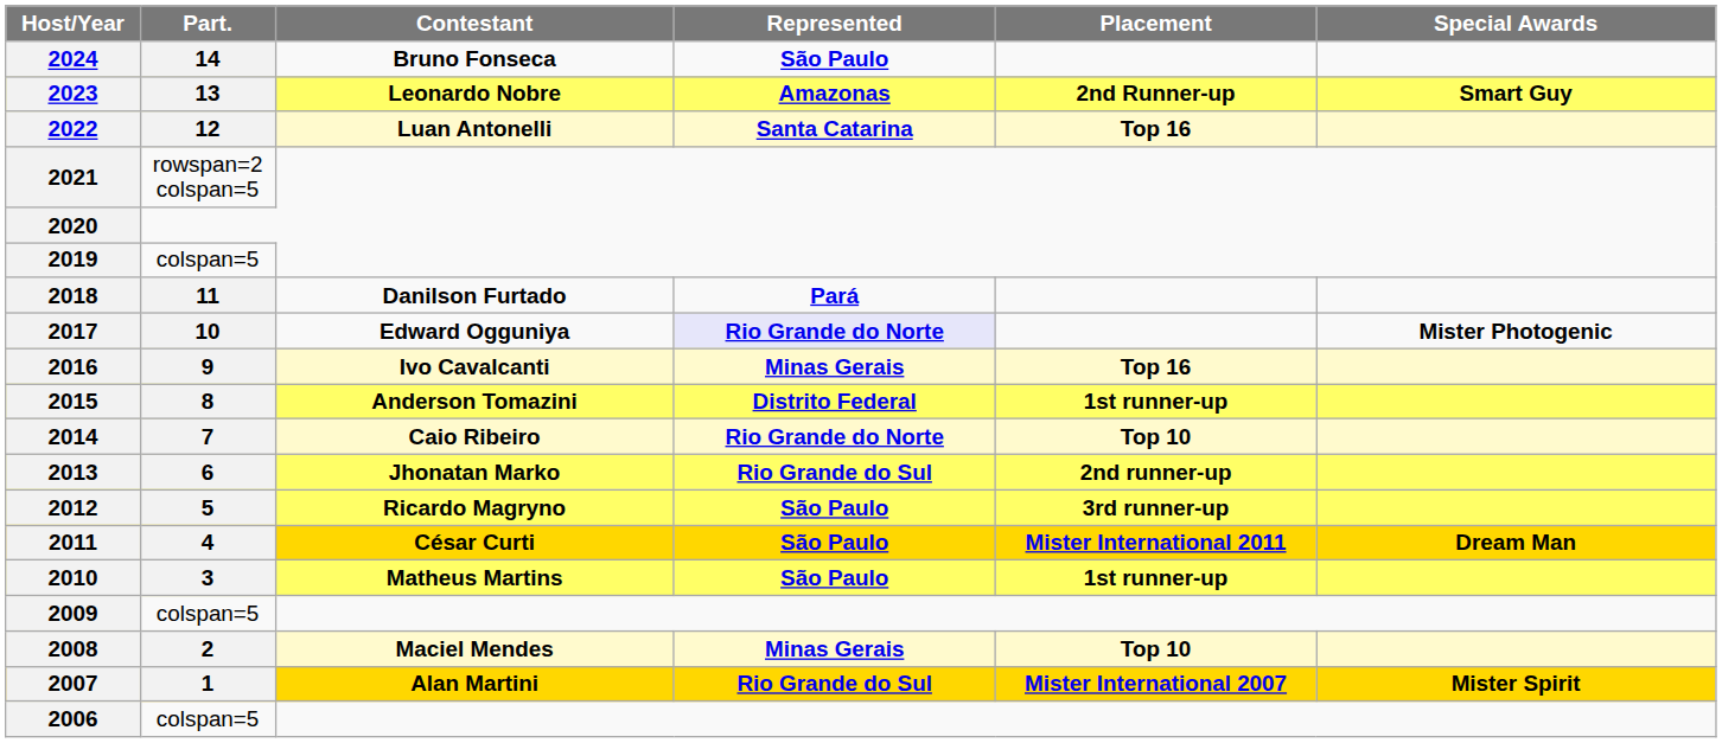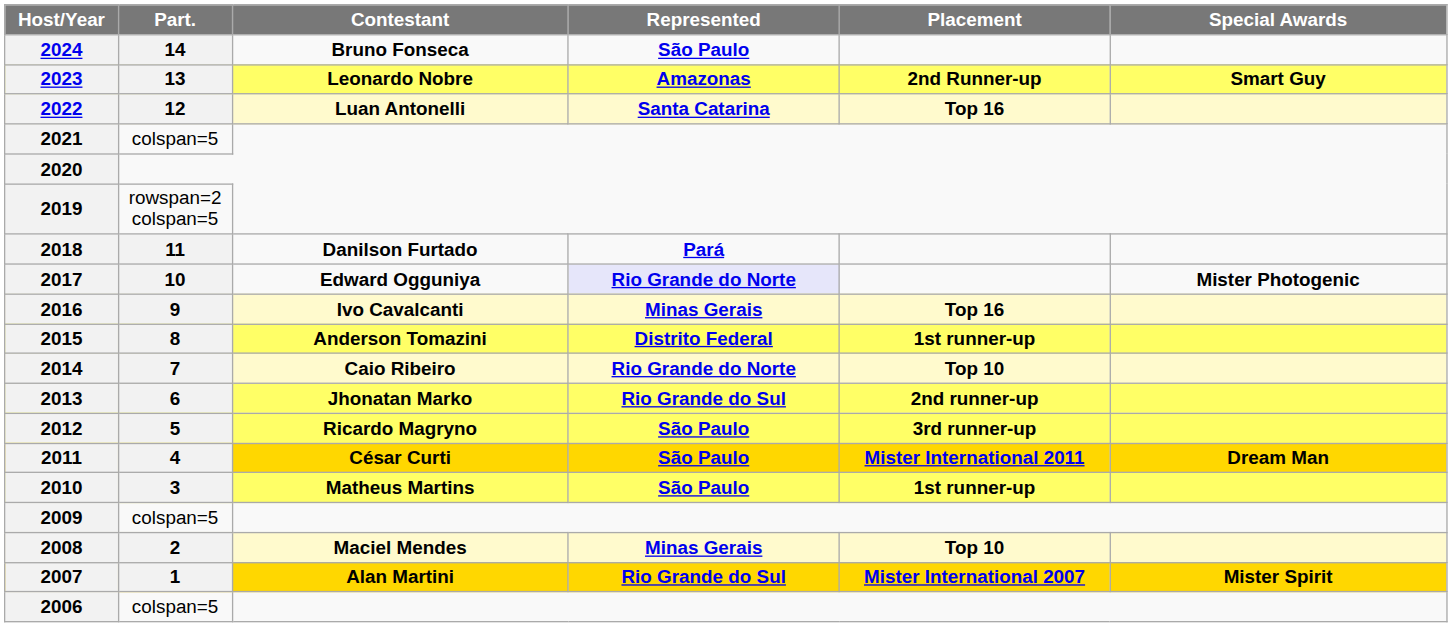 <table class="wikitable sortable" style="font-size: 90%; text-align:center">
 <tr>
 <th width="80" style="background-color:#787878;color:#FFFFFF;">Host/Year</th>
 <th width="80" style="background-color:#787878;color:#FFFFFF;">Part.</th>
 <th width="250" style="background-color:#787878;color:#FFFFFF;">Contestant</th>
 <th width="200" style="background-color:#787878;color:#FFFFFF;">Represented</th>
 <th width="200" style="background-color:#787878;color:#FFFFFF;">Placement</th>
 <th width="250" style="background-color:#787878;color:#FFFFFF;">Special Awards</th>
 </tr>
 <tr>
 <th><a href='#'>2024</a></th>
 <th>14</th>
 <td><strong>Bruno Fonseca</strong></td>
 <td><strong><a href='#'>São Paulo</a></strong></td>
 <td></td>
 <td></td>
 </tr>
 <tr bgcolor="FFFF66">
 <th><a href='#'>2023</a></th>
 <th>13</th>
 <td><strong>Leonardo Nobre</strong></td>
 <td><strong><a href='#'>Amazonas</a></strong></td>
 <td><strong>2nd Runner-up</strong></td>
 <td><strong>Smart Guy</strong></td>
 </tr>
 <tr bgcolor=FFFACD>
 <th><a href='#'>2022</a></th>
 <th>12</th>
 <td><strong>Luan Antonelli</strong></td>
 <td><strong><a href='#'>Santa Catarina</a></strong></td>
 <td><strong>Top 16</strong></td>
 <td></td>
 </tr>
 <tr>
 <th>2021</th>
-<td>rowspan=2 colspan=5 </td>
+<td>colspan=5 </td>
 </tr>
 <tr>
 <th>2020</th>
 </tr>
 <tr>
 <th>2019</th>
-<td>colspan=5 </td>
+<td>rowspan=2 colspan=5 </td>
 </tr>
 <tr>
 <th>2018</th>
 <th>11</th>
 <td><strong>Danilson Furtado</strong></td>
 <td><strong><a href='#'>Pará</a></strong></td>
 <td></td>
 <td></td>
 </tr>
 <tr>
 <th>2017</th>
 <th>10</th>
 <td><strong>Edward Ogguniya</strong></td>
 <td style="background: lavender;"><strong><a href='#'>Rio Grande do Norte</a></strong></td>
 <td></td>
 <td><strong>Mister Photogenic</strong></td>
 </tr>
 <tr bgcolor="FFFACD">
 <th>2016</th>
 <th>9</th>
 <td><strong>Ivo Cavalcanti</strong></td>
 <td><strong><a href='#'>Minas Gerais</a></strong></td>
 <td><strong>Top 16</strong></td>
 <td></td>
 </tr>
 <tr bgcolor="FFFF66">
 <th>2015</th>
 <th>8</th>
 <td><strong>Anderson Tomazini</strong></td>
 <td><strong><a href='#'>Distrito Federal</a></strong></td>
 <td><strong>1st runner-up</strong></td>
 <td></td>
 </tr>
 <tr bgcolor="FFFACD">
 <th>2014</th>
 <th>7</th>
 <td><strong>Caio Ribeiro</strong></td>
 <td><strong><a href='#'>Rio Grande do Norte</a></strong></td>
 <td><strong>Top 10</strong></td>
 <td></td>
 </tr>
 <tr bgcolor="FFFF66">
 <th>2013</th>
 <th>6</th>
 <td><strong>Jhonatan Marko</strong></td>
 <td><strong><a href='#'>Rio Grande do Sul</a></strong></td>
 <td><strong>2nd runner-up</strong></td>
 <td></td>
 </tr>
 <tr bgcolor="FFFF66">
 <th>2012</th>
 <th>5</th>
 <td><strong>Ricardo Magryno</strong></td>
 <td><strong><a href='#'>São Paulo</a></strong></td>
 <td><strong>3rd runner-up</strong></td>
 <td></td>
 </tr>
 <tr bgcolor="gold">
 <th>2011</th>
 <th>4</th>
 <td><strong>César Curti</strong></td>
 <td><strong><a href='#'>São Paulo</a></strong></td>
 <td><strong><a href='#'>Mister International 2011</a></strong></td>
 <td><strong>Dream Man</strong></td>
 </tr>
 <tr bgcolor="FFFF66">
 <th>2010</th>
 <th>3</th>
 <td><strong>Matheus Martins</strong></td>
 <td><strong><a href='#'>São Paulo</a></strong></td>
 <td><strong>1st runner-up</strong></td>
 <td></td>
 </tr>
 <tr>
 <th>2009</th>
 <td>colspan=5 </td>
 </tr>
 <tr bgcolor="FFFACD">
 <th>2008</th>
 <th>2</th>
 <td><strong>Maciel Mendes</strong></td>
 <td><strong><a href='#'>Minas Gerais</a></strong></td>
 <td><strong>Top 10</strong></td>
 <td></td>
 </tr>
 <tr bgcolor="gold">
 <th>2007</th>
 <th>1</th>
 <td><strong>Alan Martini</strong></td>
 <td><strong><a href='#'>Rio Grande do Sul</a></strong></td>
 <td><strong><a href='#'>Mister International 2007</a></strong></td>
 <td><strong>Mister Spirit</strong></td>
 </tr>
 <tr>
 <th>2006</th>
 <td>colspan=5 </td>
 </tr>
 </table>
